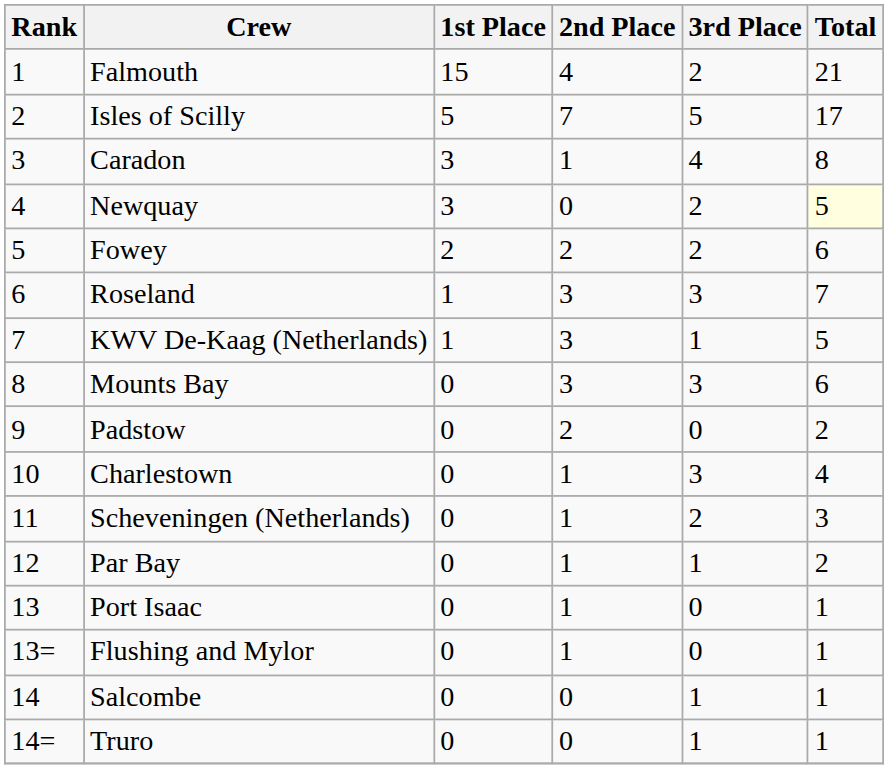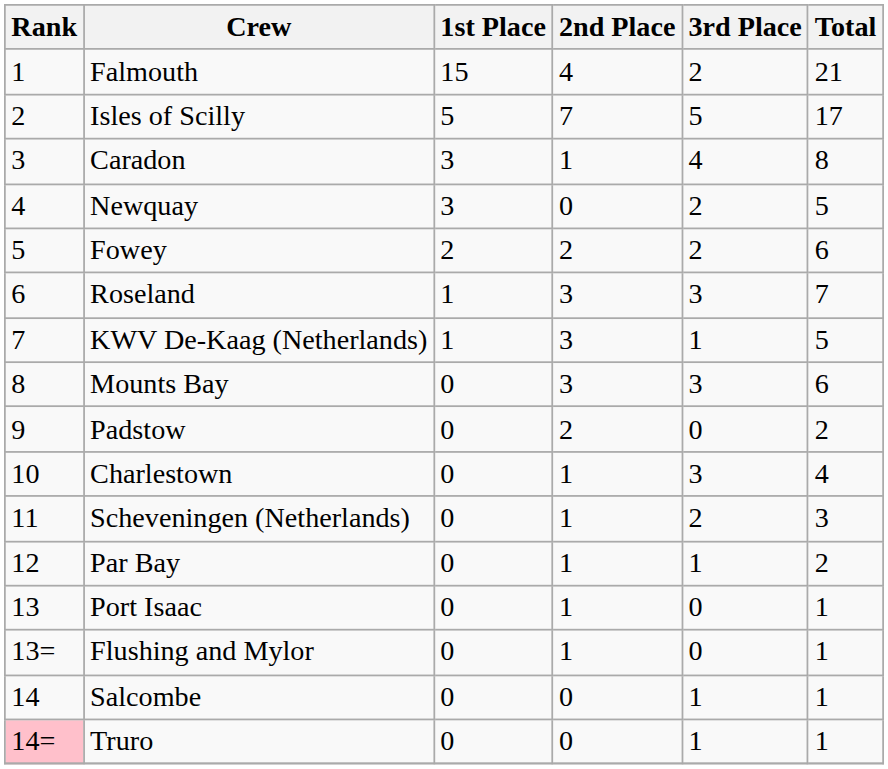 <table class="wikitable sortable">
 <tr>
 <th>Rank</th>
 <th>Crew</th>
 <th>1st Place</th>
 <th>2nd Place</th>
 <th>3rd Place</th>
 <th>Total</th>
 </tr>
 <tr>
 <td>1</td>
 <td>Falmouth</td>
 <td>15</td>
 <td>4</td>
 <td>2</td>
 <td>21</td>
 </tr>
 <tr>
 <td>2</td>
 <td>Isles of Scilly</td>
 <td>5</td>
 <td>7</td>
 <td>5</td>
 <td>17</td>
 </tr>
 <tr>
 <td>3</td>
 <td>Caradon</td>
 <td>3</td>
 <td>1</td>
 <td>4</td>
 <td>8</td>
 </tr>
 <tr>
 <td>4</td>
 <td>Newquay</td>
 <td>3</td>
 <td>0</td>
 <td>2</td>
-<td style="background: lightyellow;">5</td>
+<td>5</td>
 </tr>
 <tr>
 <td>5</td>
 <td>Fowey</td>
 <td>2</td>
 <td>2</td>
 <td>2</td>
 <td>6</td>
 </tr>
 <tr>
 <td>6</td>
 <td>Roseland</td>
 <td>1</td>
 <td>3</td>
 <td>3</td>
 <td>7</td>
 </tr>
 <tr>
 <td>7</td>
 <td>KWV De-Kaag (Netherlands)</td>
 <td>1</td>
 <td>3</td>
 <td>1</td>
 <td>5</td>
 </tr>
 <tr>
 <td>8</td>
 <td>Mounts Bay</td>
 <td>0</td>
 <td>3</td>
 <td>3</td>
 <td>6</td>
 </tr>
 <tr>
 <td>9</td>
 <td>Padstow</td>
 <td>0</td>
 <td>2</td>
 <td>0</td>
 <td>2</td>
 </tr>
 <tr>
 <td>10</td>
 <td>Charlestown</td>
 <td>0</td>
 <td>1</td>
 <td>3</td>
 <td>4</td>
 </tr>
 <tr>
 <td>11</td>
 <td>Scheveningen (Netherlands)</td>
 <td>0</td>
 <td>1</td>
 <td>2</td>
 <td>3</td>
 </tr>
 <tr>
 <td>12</td>
 <td>Par Bay</td>
 <td>0</td>
 <td>1</td>
 <td>1</td>
 <td>2</td>
 </tr>
 <tr>
 <td>13</td>
 <td>Port Isaac</td>
 <td>0</td>
 <td>1</td>
 <td>0</td>
 <td>1</td>
 </tr>
 <tr>
 <td>13=</td>
 <td>Flushing and Mylor</td>
 <td>0</td>
 <td>1</td>
 <td>0</td>
 <td>1</td>
 </tr>
 <tr>
 <td>14</td>
 <td>Salcombe</td>
 <td>0</td>
 <td>0</td>
 <td>1</td>
 <td>1</td>
 </tr>
 <tr>
-<td>14=</td>
+<td style="background: pink;">14=</td>
 <td>Truro</td>
 <td>0</td>
 <td>0</td>
 <td>1</td>
 <td>1</td>
 </tr>
 <tr>
 </tr>
 </table>
